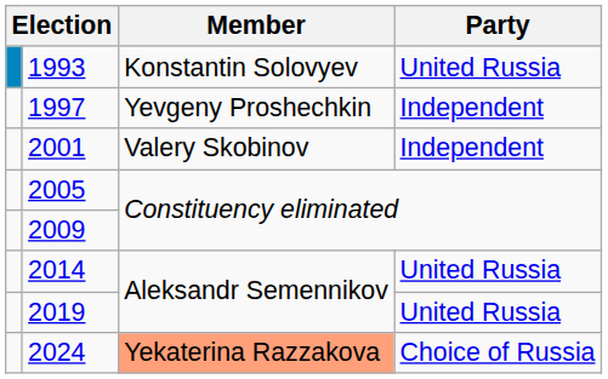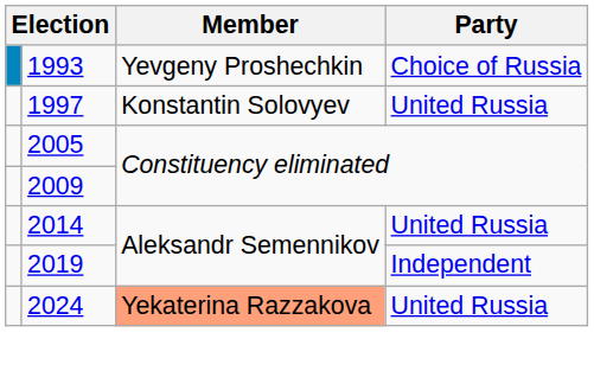 <table class="wikitable">
 <tr>
 <th colspan="2">Election</th>
 <th>Member</th>
 <th>Party</th>
 </tr>
 <tr>
 <td style="background-color:#0085BE"></td>
 <td><a href='#'>1993</a></td>
-<td>Konstantin Solovyev</td>
-<td><a href='#'>United Russia</a></td>
+<td>Yevgeny Proshechkin</td>
+<td><a href='#'>Choice of Russia</a></td>
 </tr>
 <tr>
 <td style="background-color:"></td>
 <td><a href='#'>1997</a></td>
-<td>Yevgeny Proshechkin</td>
-<td><a href='#'>Independent</a></td>
-</tr>
-<tr>
-<td style="background-color:"></td>
-<td><a href='#'>2001</a></td>
-<td>Valery Skobinov</td>
-<td><a href='#'>Independent</a></td>
+<td>Konstantin Solovyev</td>
+<td><a href='#'>United Russia</a></td>
 </tr>
 <tr>
 <td style="background-color:"></td>
 <td><a href='#'>2005</a></td>
 <td colspan=2 rowspan=2><em>Constituency eliminated</em></td>
 </tr>
 <tr>
 <td style="background-color:"></td>
 <td><a href='#'>2009</a></td>
 </tr>
 <tr>
 <td style="background-color:"></td>
 <td><a href='#'>2014</a></td>
 <td rowspan=2>Aleksandr Semennikov</td>
 <td><a href='#'>United Russia</a></td>
 </tr>
 <tr>
 <td style="background-color:"></td>
 <td><a href='#'>2019</a></td>
-<td><a href='#'>United Russia</a></td>
+<td><a href='#'>Independent</a></td>
 </tr>
 <tr>
 <td style="background-color:"></td>
 <td><a href='#'>2024</a></td>
 <td style="background: lightsalmon;">Yekaterina Razzakova</td>
-<td><a href='#'>Choice of Russia</a></td>
+<td><a href='#'>United Russia</a></td>
 </tr>
 </table>
